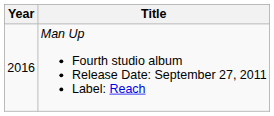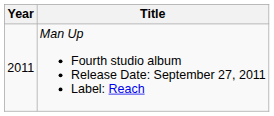 <table class="wikitable">
 <tr>
 <th>Year</th>
 <th>Title</th>
 </tr>
 <tr>
-<td>2016</td>
+<td>2011</td>
 <td><em>Man Up</em><br><ul><li>Fourth studio album</li><li>Release Date: September 27, 2011</li><li>Label: <a href='#'>Reach</a></li></ul></td>
 </tr>
 </table>
